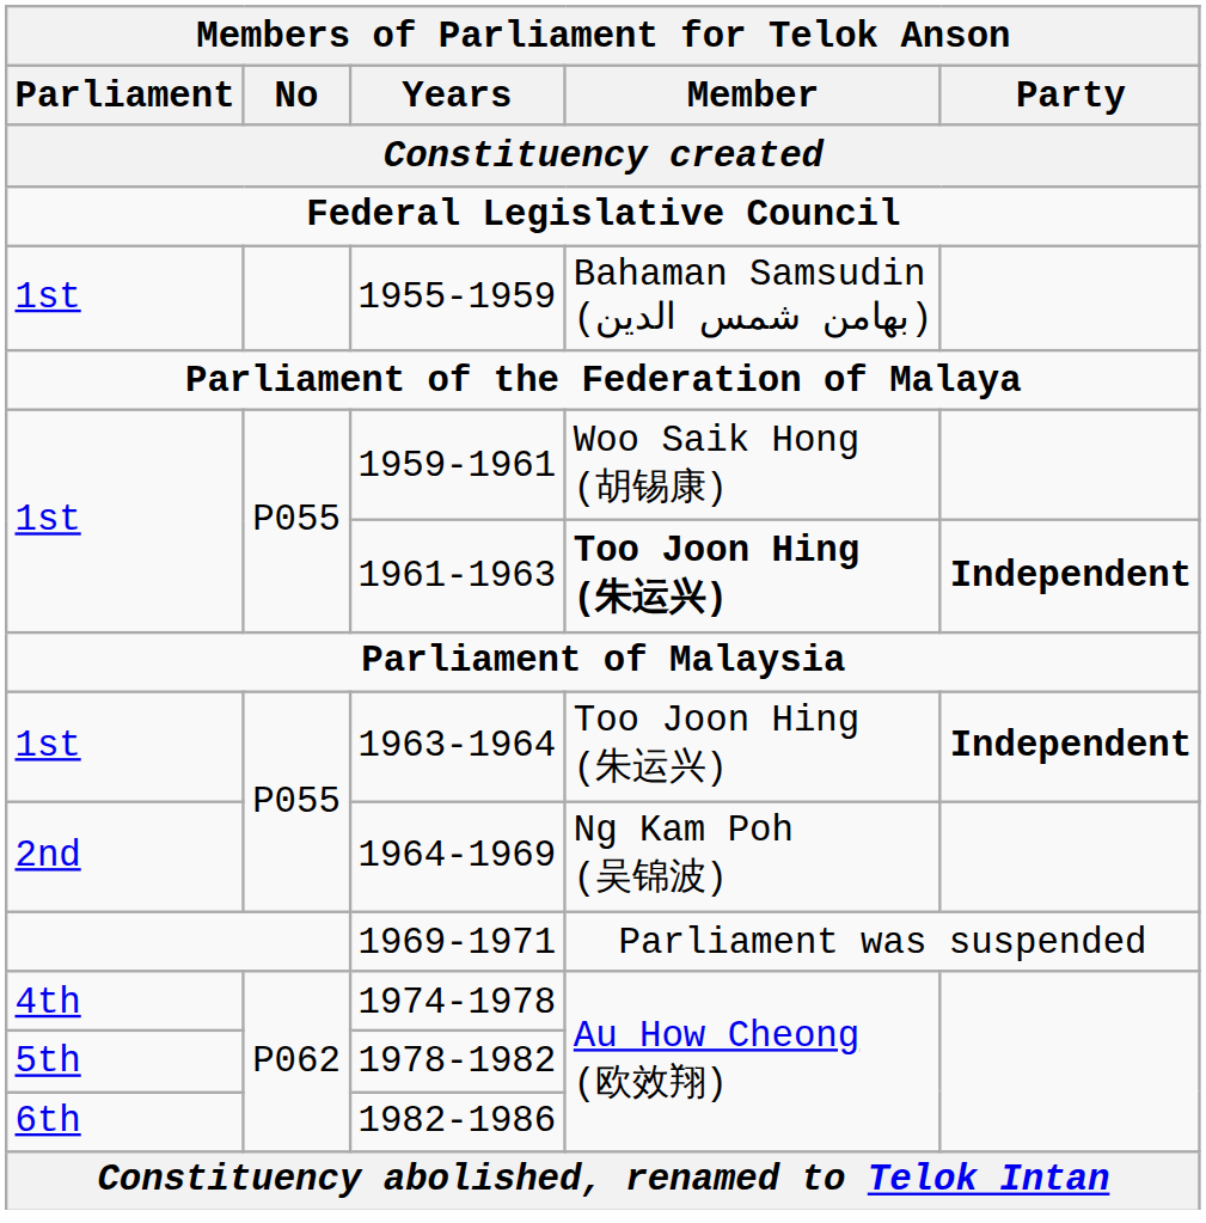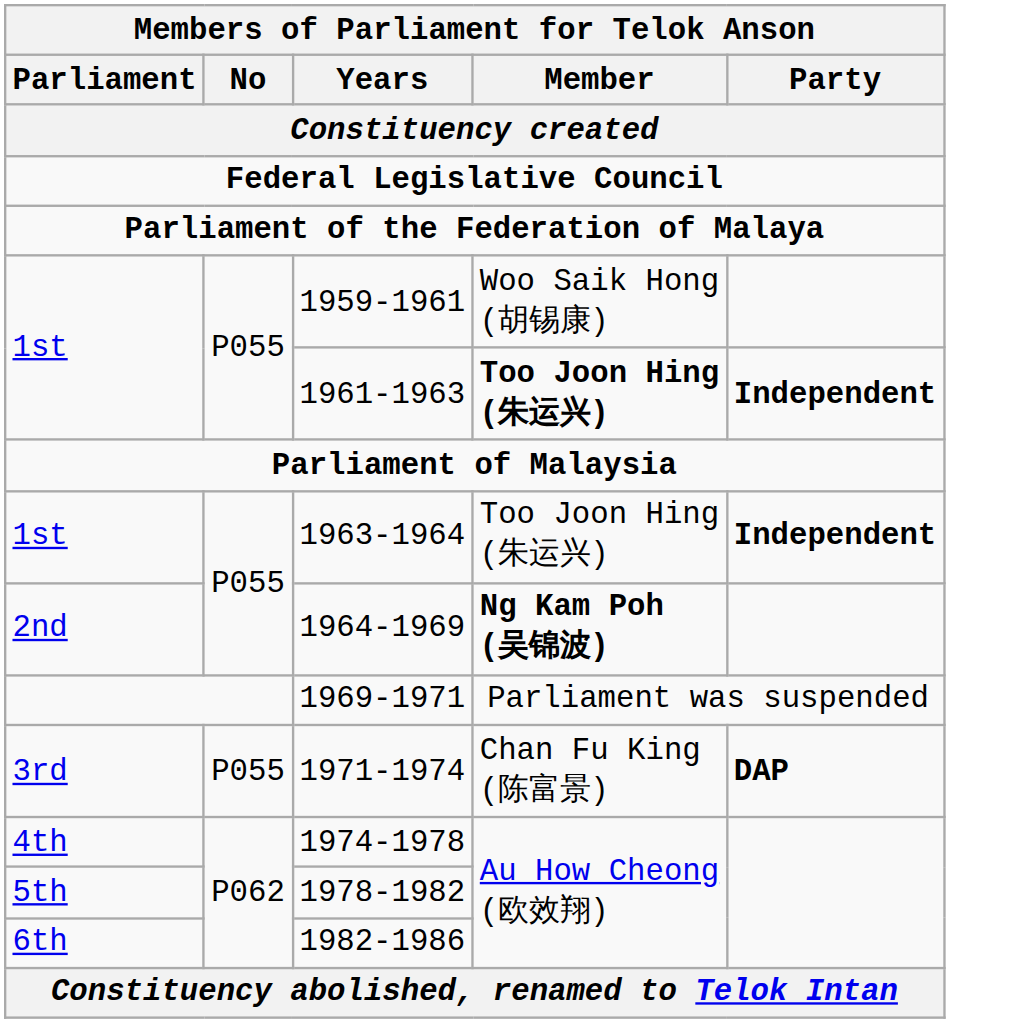 <table class=wikitable>
 <tr>
 <th colspan="5">Members of Parliament for Telok Anson</th>
 </tr>
 <tr>
 <th>Parliament</th>
 <th>No</th>
 <th>Years</th>
 <th>Member</th>
 <th>Party</th>
 </tr>
 <tr>
 <th colspan="5" align="center"><em>Constituency created</em></th>
 </tr>
 <tr>
 <td colspan="5" align="center"><strong>Federal Legislative Council</strong></td>
-</tr>
-<tr>
-<td><a href='#'>1st</a></td>
-<td></td>
-<td>1955-1959</td>
-<td>Bahaman Samsudin <br> (بهامن شمس الدين)</td>
-<td></td>
 </tr>
 <tr>
 <td colspan="5" align="center"><strong>Parliament of the Federation of Malaya</strong></td>
 </tr>
 <tr>
 <td rowspan=2><a href='#'>1st</a></td>
 <td rowspan="2">P055</td>
 <td>1959-1961</td>
 <td>Woo Saik Hong <br> (胡锡康)</td>
 <td></td>
 </tr>
 <tr>
 <td>1961-1963</td>
 <td><strong>Too Joon Hing  <br>(朱运兴)</strong></td>
 <td><strong>Independent</strong></td>
 </tr>
 <tr>
 <td colspan="5" align="center"><strong>Parliament of Malaysia</strong></td>
 </tr>
 <tr>
 <td><a href='#'>1st</a></td>
 <td rowspan="2">P055</td>
 <td>1963-1964</td>
 <td>Too Joon Hing  <br>(朱运兴)</td>
 <td><strong>Independent</strong></td>
 </tr>
 <tr>
 <td><a href='#'>2nd</a></td>
 <td>1964-1969</td>
-<td>Ng Kam Poh <br> (吴锦波)</td>
+<td><strong>Ng Kam Poh <br> (吴锦波)</strong></td>
 <td></td>
 </tr>
 <tr>
 <td colspan="2"></td>
 <td>1969-1971</td>
 <td colspan=2 align=center>Parliament was suspended</td>
+</tr>
+<tr>
+<td><a href='#'>3rd</a></td>
+<td>P055</td>
+<td>1971-1974</td>
+<td>Chan Fu King <br> (陈富景)</td>
+<td><strong>DAP</strong></td>
 </tr>
 <tr>
 <td><a href='#'>4th</a></td>
 <td rowspan="3">P062</td>
 <td>1974-1978</td>
 <td rowspan=3><a href='#'>Au How Cheong</a> <br> (欧效翔)</td>
 <td rowspan="3"></td>
 </tr>
 <tr>
 <td><a href='#'>5th</a></td>
 <td>1978-1982</td>
 </tr>
 <tr>
 <td><a href='#'>6th</a></td>
 <td>1982-1986</td>
 </tr>
 <tr>
 <th colspan="5" align="center"><em>Constituency abolished, renamed to <a href='#'>Telok Intan</a></em></th>
 </tr>
 </table>
